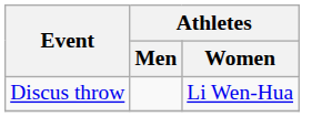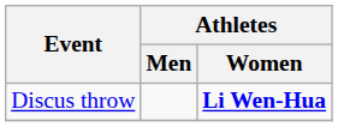 <table class=wikitable style="font-size:90%">
 <tr>
 <th rowspan=2>Event</th>
 <th colspan=2>Athletes</th>
 </tr>
 <tr>
 <th>Men</th>
 <th>Women</th>
 </tr>
 <tr>
 <td><a href='#'>Discus throw</a></td>
 <td></td>
-<td><a href='#'>Li Wen-Hua</a></td>
+<td><strong><a href='#'>Li Wen-Hua</a></strong></td>
 </tr>
 <tr>
 </tr>
 </table>
